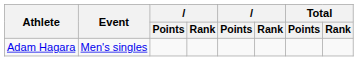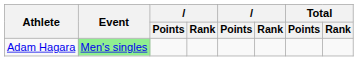 <table class="wikitable" style="font-size:90%; text-align:center">
 <tr>
 <th rowspan=2>Athlete</th>
 <th rowspan=2>Event</th>
 <th colspan=2>/</th>
 <th colspan=2>/</th>
 <th colspan=2>Total</th>
 </tr>
 <tr style="font-size:95%">
 <th>Points</th>
 <th>Rank</th>
 <th>Points</th>
 <th>Rank</th>
 <th>Points</th>
 <th>Rank</th>
 </tr>
 <tr>
 <td align=left><a href='#'>Adam Hagara</a></td>
-<td align=left><a href='#'>Men's singles</a></td>
+<td align=left style="background: lightgreen;"><a href='#'>Men's singles</a></td>
 <td></td>
 <td></td>
 <td></td>
 <td></td>
 <td></td>
 <td></td>
 </tr>
 </table>
